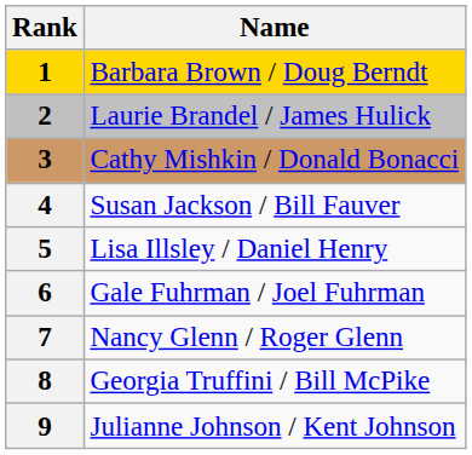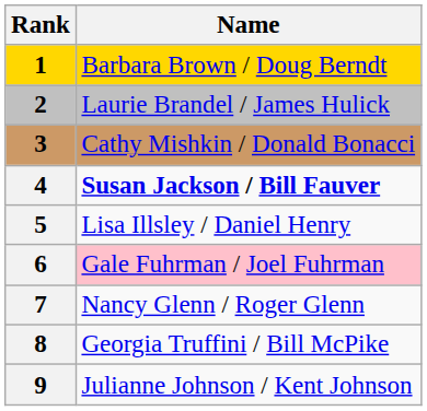 <table class="wikitable">
 <tr>
 <th>Rank</th>
 <th>Name</th>
 </tr>
 <tr bgcolor="gold">
 <td align="center"><strong>1</strong></td>
 <td><a href='#'>Barbara Brown</a> / <a href='#'>Doug Berndt</a></td>
 </tr>
 <tr bgcolor="silver">
 <td align="center"><strong>2</strong></td>
 <td><a href='#'>Laurie Brandel</a> / <a href='#'>James Hulick</a></td>
 </tr>
 <tr bgcolor="cc9966">
 <td align="center"><strong>3</strong></td>
 <td><a href='#'>Cathy Mishkin</a> / <a href='#'>Donald Bonacci</a></td>
 </tr>
 <tr>
 <th>4</th>
-<td><a href='#'>Susan Jackson</a> / <a href='#'>Bill Fauver</a></td>
+<td><strong><a href='#'>Susan Jackson</a> / <a href='#'>Bill Fauver</a></strong></td>
 </tr>
 <tr>
 <th>5</th>
 <td><a href='#'>Lisa Illsley</a> / <a href='#'>Daniel Henry</a></td>
 </tr>
 <tr>
 <th>6</th>
-<td><a href='#'>Gale Fuhrman</a> / <a href='#'>Joel Fuhrman</a></td>
+<td style="background: pink;"><a href='#'>Gale Fuhrman</a> / <a href='#'>Joel Fuhrman</a></td>
 </tr>
 <tr>
 <th>7</th>
 <td><a href='#'>Nancy Glenn</a> / <a href='#'>Roger Glenn</a></td>
 </tr>
 <tr>
 <th>8</th>
 <td><a href='#'>Georgia Truffini</a> / <a href='#'>Bill McPike</a></td>
 </tr>
 <tr>
 <th>9</th>
 <td><a href='#'>Julianne Johnson</a> / <a href='#'>Kent Johnson</a></td>
 </tr>
 </table>
